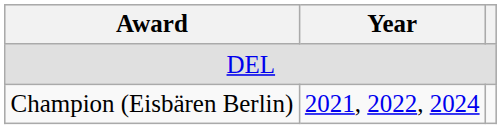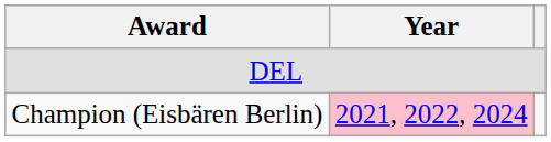 <table class="wikitable">
 <tr>
 <th>Award</th>
 <th>Year</th>
 <th></th>
 </tr>
 <tr ALIGN="center" bgcolor="#e0e0e0">
 <td colspan="3"><a href='#'>DEL</a></td>
 </tr>
 <tr>
 <td>Champion (Eisbären Berlin)</td>
-<td><a href='#'>2021</a>, <a href='#'>2022</a>, <a href='#'>2024</a></td>
+<td style="background: pink;"><a href='#'>2021</a>, <a href='#'>2022</a>, <a href='#'>2024</a></td>
 <td></td>
 </tr>
 </table>
